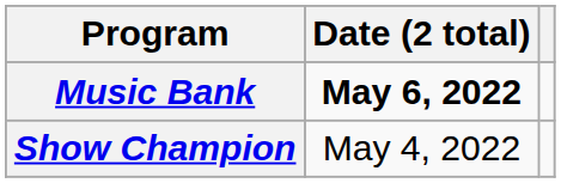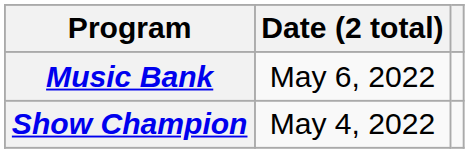 <table class="wikitable sortable plainrowheaders">
 <tr>
 <th scope="col">Program </th>
 <th scope="col">Date (2 total)</th>
 <th scope="col" class="unsortable"></th>
 </tr>
 <tr>
 <th scope="row"><em><a href='#'>Music Bank</a></em></th>
-<td style="text-align:center"><strong>May 6, 2022</strong></td>
+<td style="text-align:center">May 6, 2022</td>
 <td style="text-align:center"></td>
 </tr>
 <tr>
 <th scope="row" rowspan="2"><em><a href='#'>Show Champion</a></em></th>
 <td style="text-align:center">May 4, 2022</td>
 <td style="text-align:center"></td>
 </tr>
 </table>
